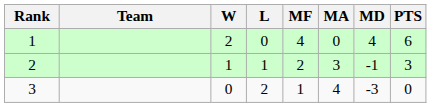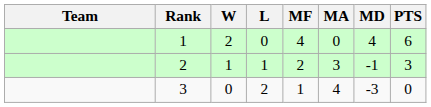 <table class="wikitable" style="text-align:center">
 <tr>
+<th width=150>Team</th>
 <th width=50>Rank</th>
-<th width=150>Team</th>
 <th width=30>W</th>
 <th width=30>L</th>
 <th width=30>MF</th>
 <th width=30>MA</th>
 <th width=30>MD</th>
 <th width=30>PTS</th>
 </tr>
 <tr bgcolor=#ccffcc>
+<td style="text-align:left;"></td>
 <td>1</td>
-<td style="text-align:left;"></td>
 <td>2</td>
 <td>0</td>
 <td>4</td>
 <td>0</td>
 <td>4</td>
 <td>6</td>
 </tr>
 <tr bgcolor=#ccffcc>
+<td style="text-align:left;"></td>
 <td>2</td>
-<td style="text-align:left;"></td>
 <td>1</td>
 <td>1</td>
 <td>2</td>
 <td>3</td>
 <td>-1</td>
 <td>3</td>
 </tr>
 <tr>
+<td style="text-align:left;"></td>
 <td>3</td>
-<td style="text-align:left;"></td>
 <td>0</td>
 <td>2</td>
 <td>1</td>
 <td>4</td>
 <td>-3</td>
 <td>0</td>
 </tr>
 </table>
